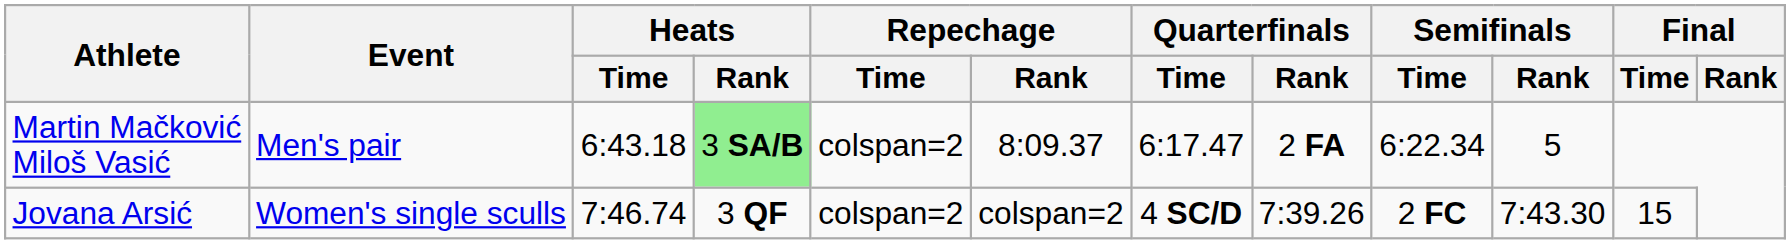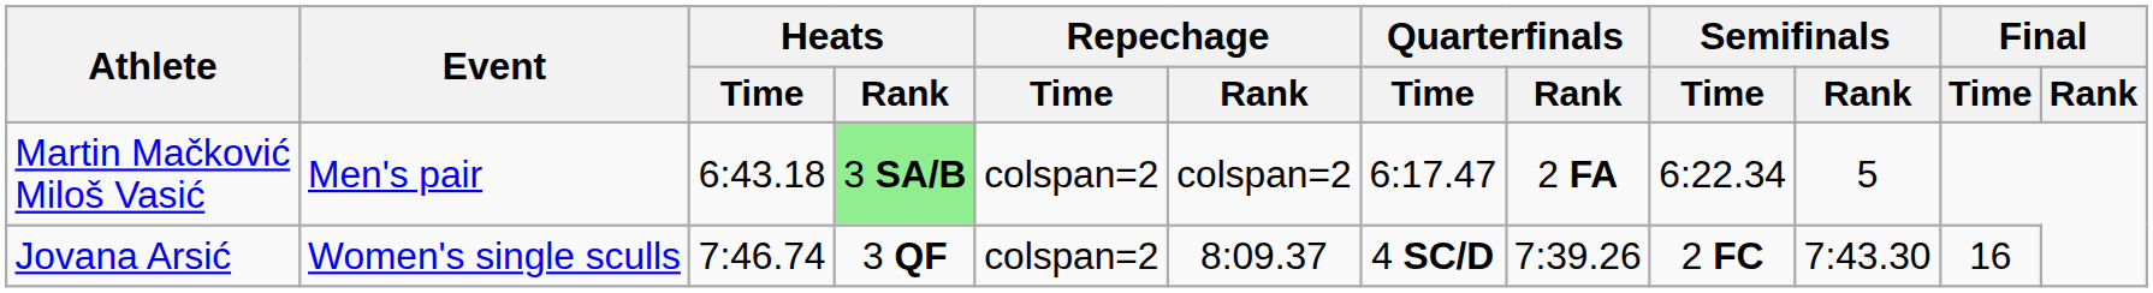 <table class="wikitable" style="font-size:90%">
 <tr>
 <th rowspan="2">Athlete</th>
 <th rowspan="2">Event</th>
 <th colspan="2">Heats</th>
 <th colspan="2">Repechage</th>
 <th colspan="2">Quarterfinals</th>
 <th colspan="2">Semifinals</th>
 <th colspan="2">Final</th>
 </tr>
 <tr style="font-size:95%">
 <th>Time</th>
 <th>Rank</th>
 <th>Time</th>
 <th>Rank</th>
 <th>Time</th>
 <th>Rank</th>
 <th>Time</th>
 <th>Rank</th>
 <th>Time</th>
 <th>Rank</th>
 </tr>
 <tr align=center>
 <td align=left><a href='#'>Martin Mačković</a><br><a href='#'>Miloš Vasić</a></td>
 <td align=left><a href='#'>Men's pair</a></td>
 <td>6:43.18</td>
 <td style="background: lightgreen;">3 <strong>SA/B</strong></td>
 <td>colspan=2 </td>
-<td>8:09.37</td>
+<td>colspan=2 </td>
 <td>6:17.47</td>
 <td>2 <strong>FA</strong></td>
 <td>6:22.34</td>
 <td>5</td>
 </tr>
 <tr align=center>
 <td align=left><a href='#'>Jovana Arsić</a></td>
 <td align=left><a href='#'>Women's single sculls</a></td>
 <td>7:46.74</td>
 <td>3 <strong>QF</strong></td>
 <td>colspan=2 </td>
-<td>colspan=2 </td>
+<td>8:09.37</td>
 <td>4 <strong>SC/D</strong></td>
 <td>7:39.26</td>
 <td>2 <strong>FC</strong></td>
 <td>7:43.30</td>
-<td>15</td>
+<td>16</td>
 </tr>
 </table>
